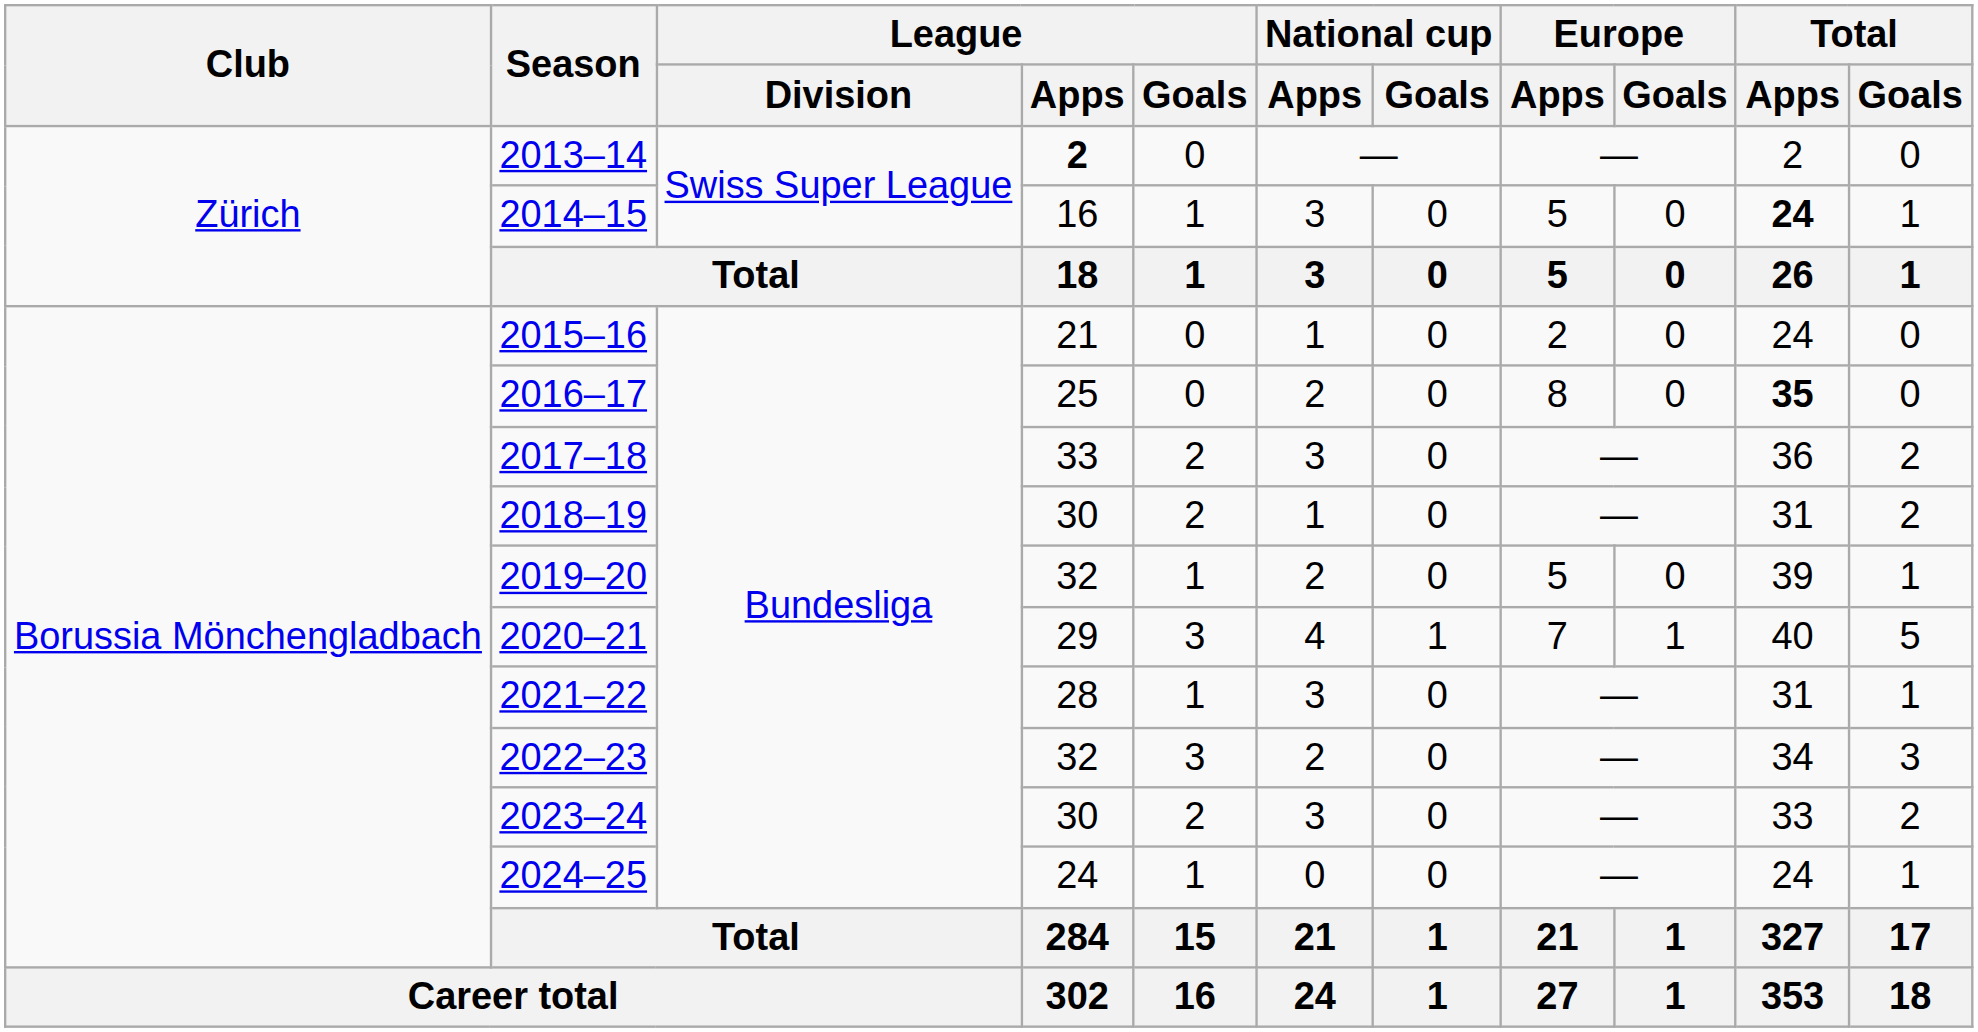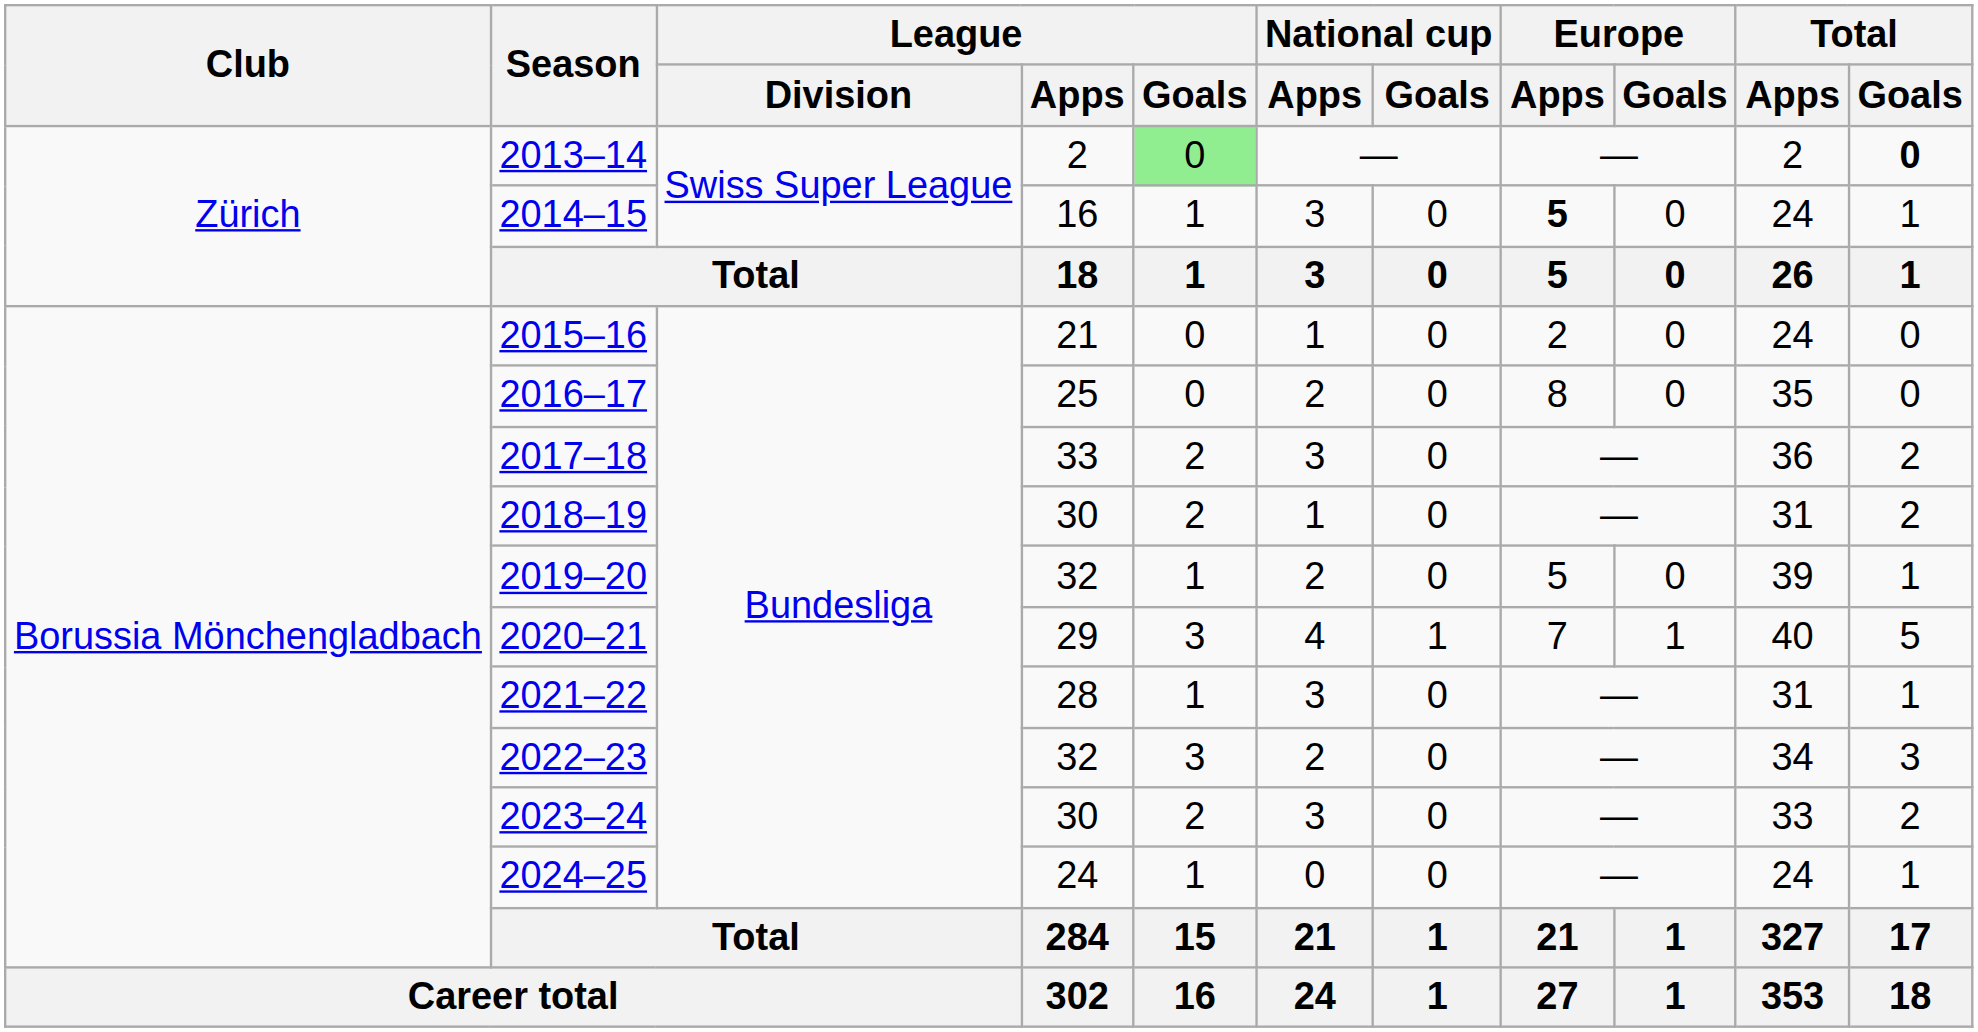 <table class="wikitable" style="text-align:center">
 <tr>
 <th rowspan="2">Club</th>
 <th rowspan="2">Season</th>
 <th colspan="3">League</th>
 <th colspan="2">National cup</th>
 <th colspan="2">Europe</th>
 <th colspan="2">Total</th>
 </tr>
 <tr>
 <th>Division</th>
 <th>Apps</th>
 <th>Goals</th>
 <th>Apps</th>
 <th>Goals</th>
 <th>Apps</th>
 <th>Goals</th>
 <th>Apps</th>
 <th>Goals</th>
 </tr>
 <tr>
 <td rowspan="3"><a href='#'>Zürich</a></td>
 <td><a href='#'>2013–14</a></td>
 <td rowspan="2"><a href='#'>Swiss Super League</a></td>
-<td><strong>2</strong></td>
-<td>0</td>
+<td>2</td>
+<td style="background: lightgreen;">0</td>
 <td colspan="2">—</td>
 <td colspan="2">—</td>
 <td>2</td>
-<td>0</td>
+<td><strong>0</strong></td>
 </tr>
 <tr>
 <td><a href='#'>2014–15</a></td>
 <td>16</td>
 <td>1</td>
 <td>3</td>
 <td>0</td>
-<td>5</td>
+<td><strong>5</strong></td>
 <td>0</td>
-<td><strong>24</strong></td>
+<td>24</td>
 <td>1</td>
 </tr>
 <tr>
 <th colspan="2">Total</th>
 <th>18</th>
 <th>1</th>
 <th>3</th>
 <th>0</th>
 <th>5</th>
 <th>0</th>
 <th>26</th>
 <th>1</th>
 </tr>
 <tr>
 <td rowspan="11"><a href='#'>Borussia Mönchengladbach</a></td>
 <td><a href='#'>2015–16</a></td>
 <td rowspan="10"><a href='#'>Bundesliga</a></td>
 <td>21</td>
 <td>0</td>
 <td>1</td>
 <td>0</td>
 <td>2</td>
 <td>0</td>
 <td>24</td>
 <td>0</td>
 </tr>
 <tr>
 <td><a href='#'>2016–17</a></td>
 <td>25</td>
 <td>0</td>
 <td>2</td>
 <td>0</td>
 <td>8</td>
 <td>0</td>
-<td><strong>35</strong></td>
+<td>35</td>
 <td>0</td>
 </tr>
 <tr>
 <td><a href='#'>2017–18</a></td>
 <td>33</td>
 <td>2</td>
 <td>3</td>
 <td>0</td>
 <td colspan="2">—</td>
 <td>36</td>
 <td>2</td>
 </tr>
 <tr>
 <td><a href='#'>2018–19</a></td>
 <td>30</td>
 <td>2</td>
 <td>1</td>
 <td>0</td>
 <td colspan="2">—</td>
 <td>31</td>
 <td>2</td>
 </tr>
 <tr>
 <td><a href='#'>2019–20</a></td>
 <td>32</td>
 <td>1</td>
 <td>2</td>
 <td>0</td>
 <td>5</td>
 <td>0</td>
 <td>39</td>
 <td>1</td>
 </tr>
 <tr>
 <td><a href='#'>2020–21</a></td>
 <td>29</td>
 <td>3</td>
 <td>4</td>
 <td>1</td>
 <td>7</td>
 <td>1</td>
 <td>40</td>
 <td>5</td>
 </tr>
 <tr>
 <td><a href='#'>2021–22</a></td>
 <td>28</td>
 <td>1</td>
 <td>3</td>
 <td>0</td>
 <td colspan="2">—</td>
 <td>31</td>
 <td>1</td>
 </tr>
 <tr>
 <td><a href='#'>2022–23</a></td>
 <td>32</td>
 <td>3</td>
 <td>2</td>
 <td>0</td>
 <td colspan="2">—</td>
 <td>34</td>
 <td>3</td>
 </tr>
 <tr>
 <td><a href='#'>2023–24</a></td>
 <td>30</td>
 <td>2</td>
 <td>3</td>
 <td>0</td>
 <td colspan="2">—</td>
 <td>33</td>
 <td>2</td>
 </tr>
 <tr>
 <td><a href='#'>2024–25</a></td>
 <td>24</td>
 <td>1</td>
 <td>0</td>
 <td>0</td>
 <td colspan="2">—</td>
 <td>24</td>
 <td>1</td>
 </tr>
 <tr>
 <th colspan="2">Total</th>
 <th>284</th>
 <th>15</th>
 <th>21</th>
 <th>1</th>
 <th>21</th>
 <th>1</th>
 <th>327</th>
 <th>17</th>
 </tr>
 <tr>
 <th colspan="3">Career total</th>
 <th>302</th>
 <th>16</th>
 <th>24</th>
 <th>1</th>
 <th>27</th>
 <th>1</th>
 <th>353</th>
 <th>18</th>
 </tr>
 </table>
